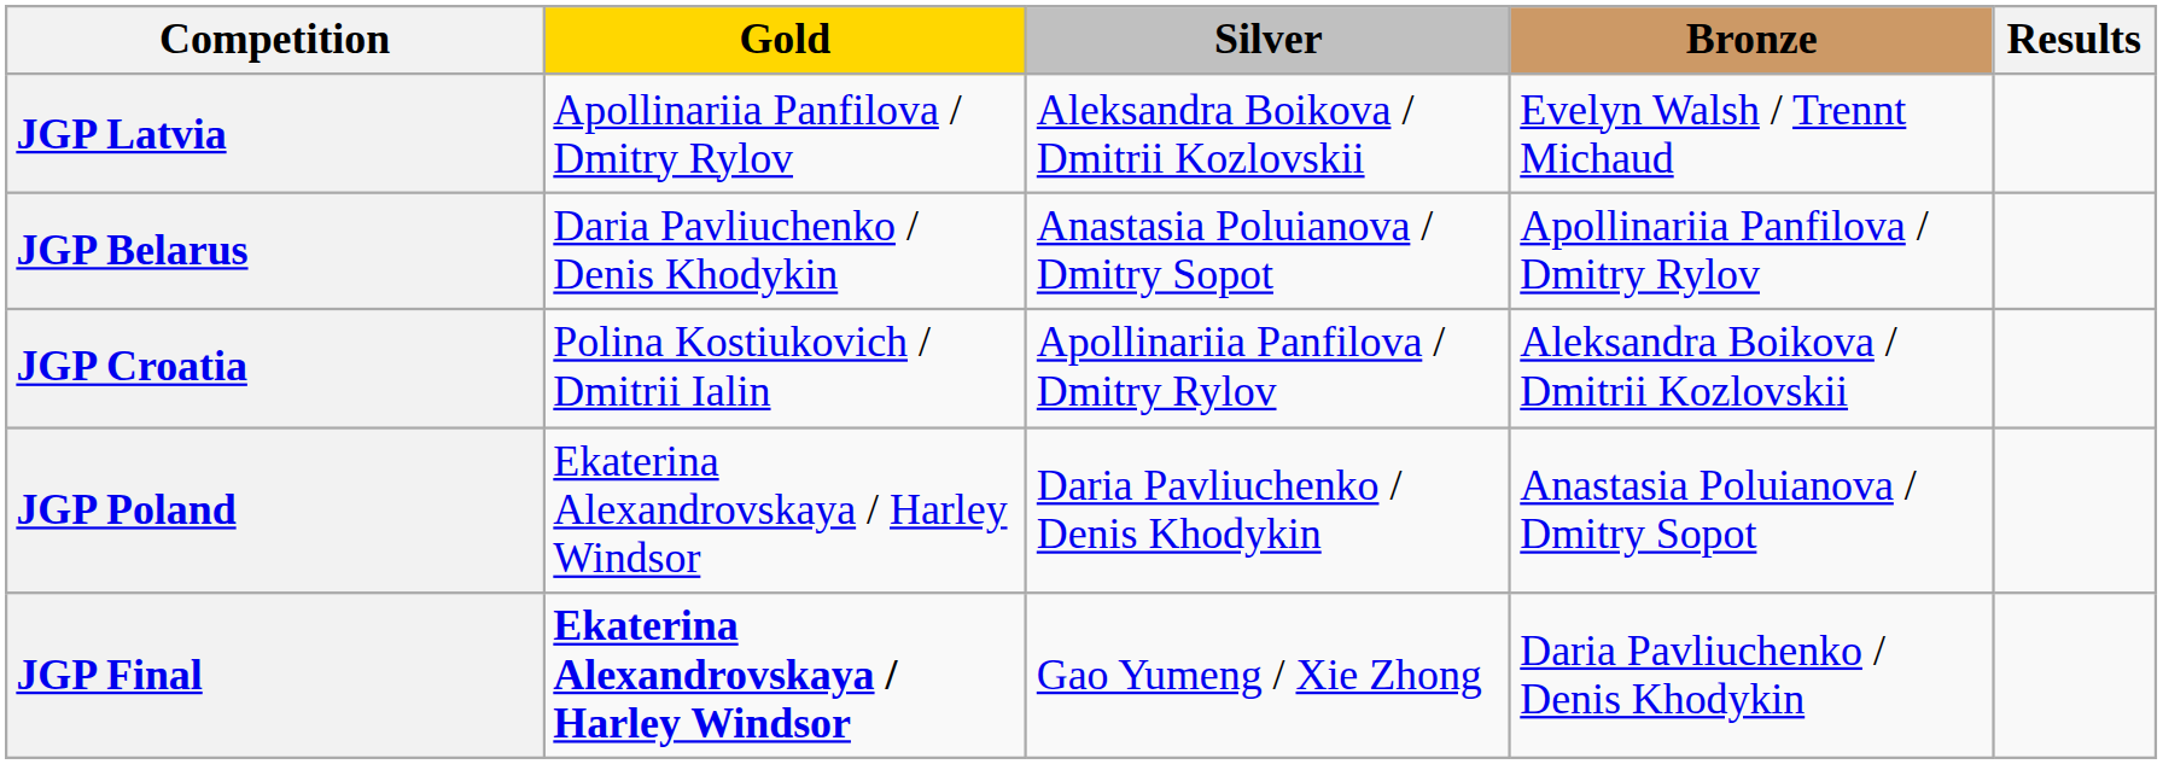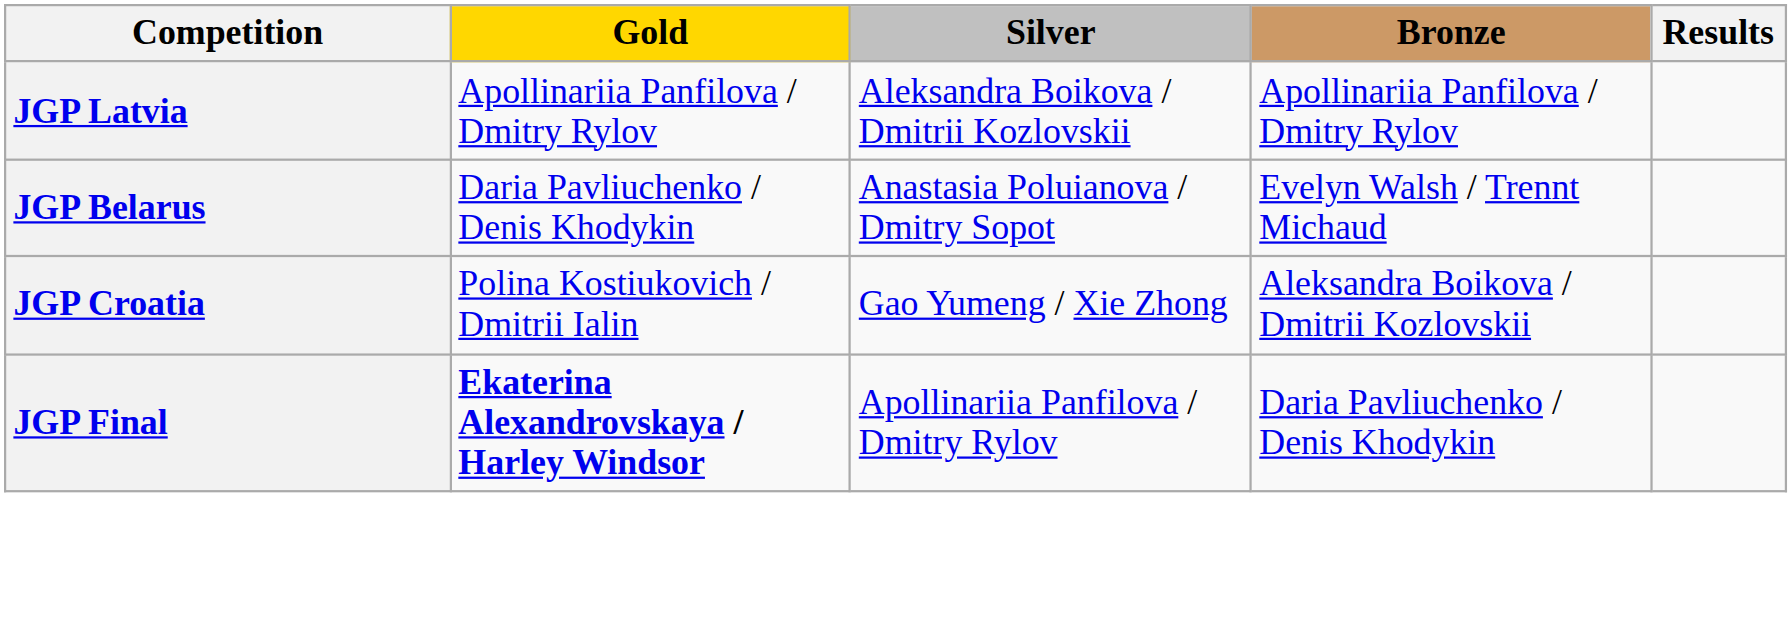 <table class="wikitable unsortable" style="text-align:left; width:90%">
 <tr>
 <th scope="col" style="text-align:center; width:25%;">Competition</th>
 <td scope="col" style="text-align:center; width:22.5%; background:gold"><strong>Gold</strong></td>
 <td scope="col" style="text-align:center; width:22.5%; background:silver"><strong>Silver</strong></td>
 <td scope="col" style="text-align:center; width:22.5%; background:#c96"><strong>Bronze</strong></td>
 <th scope="col" style="text-align:center; width:7.5%;">Results</th>
 </tr>
 <tr>
 <th scope="row" style="text-align:left"> <a href='#'>JGP Latvia</a></th>
 <td> <a href='#'>Apollinariia Panfilova</a> / <a href='#'>Dmitry Rylov</a></td>
 <td> <a href='#'>Aleksandra Boikova</a> / <a href='#'>Dmitrii Kozlovskii</a></td>
-<td> <a href='#'>Evelyn Walsh</a> / <a href='#'>Trennt Michaud</a></td>
+<td> <a href='#'>Apollinariia Panfilova</a> / <a href='#'>Dmitry Rylov</a></td>
 <td></td>
 </tr>
 <tr>
 <th scope="row" style="text-align:left"> <a href='#'>JGP Belarus</a></th>
 <td> <a href='#'>Daria Pavliuchenko</a> / <a href='#'>Denis Khodykin</a></td>
 <td> <a href='#'>Anastasia Poluianova</a> / <a href='#'>Dmitry Sopot</a></td>
-<td> <a href='#'>Apollinariia Panfilova</a> / <a href='#'>Dmitry Rylov</a></td>
+<td> <a href='#'>Evelyn Walsh</a> / <a href='#'>Trennt Michaud</a></td>
 <td></td>
 </tr>
 <tr>
 <th scope="row" style="text-align:left"> <a href='#'>JGP Croatia</a></th>
 <td> <a href='#'>Polina Kostiukovich</a> / <a href='#'>Dmitrii Ialin</a></td>
-<td> <a href='#'>Apollinariia Panfilova</a> / <a href='#'>Dmitry Rylov</a></td>
+<td> <a href='#'>Gao Yumeng</a> / <a href='#'>Xie Zhong</a></td>
 <td> <a href='#'>Aleksandra Boikova</a> / <a href='#'>Dmitrii Kozlovskii</a></td>
-<td></td>
-</tr>
-<tr>
-<th scope="row" style="text-align:left"> <a href='#'>JGP Poland</a></th>
-<td> <a href='#'>Ekaterina Alexandrovskaya</a> / <a href='#'>Harley Windsor</a></td>
-<td> <a href='#'>Daria Pavliuchenko</a> / <a href='#'>Denis Khodykin</a></td>
-<td> <a href='#'>Anastasia Poluianova</a> / <a href='#'>Dmitry Sopot</a></td>
 <td></td>
 </tr>
 <tr>
 <th scope="row" style="text-align:left"> <a href='#'>JGP Final</a></th>
 <td><strong> <a href='#'>Ekaterina Alexandrovskaya</a> / <a href='#'>Harley Windsor</a></strong></td>
-<td> <a href='#'>Gao Yumeng</a> / <a href='#'>Xie Zhong</a></td>
+<td> <a href='#'>Apollinariia Panfilova</a> / <a href='#'>Dmitry Rylov</a></td>
 <td> <a href='#'>Daria Pavliuchenko</a> / <a href='#'>Denis Khodykin</a></td>
 <td></td>
 </tr>
 </table>
